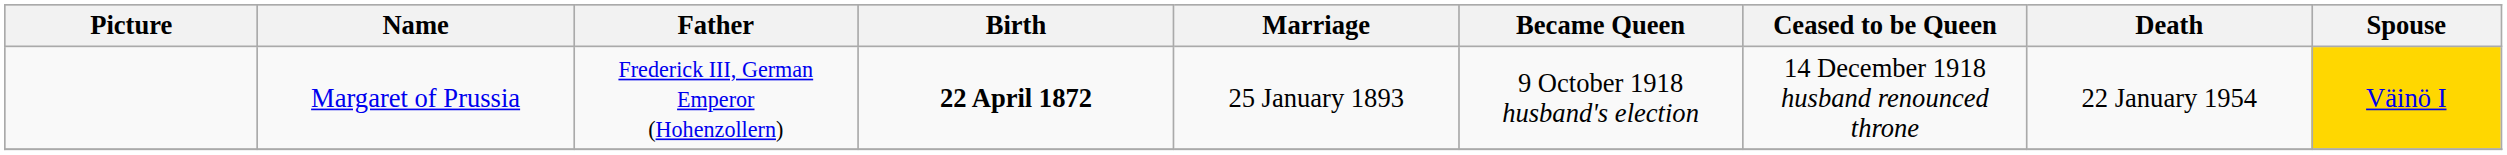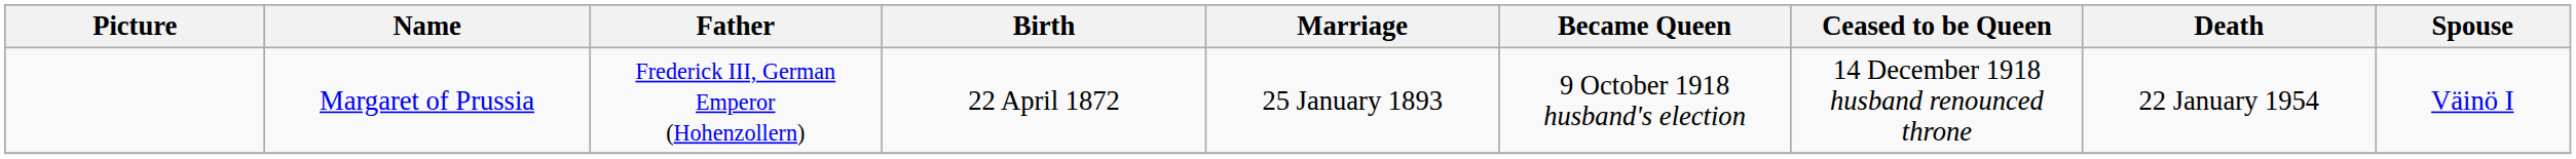 <table width=95% class="wikitable">
 <tr>
 <th width = "8%">Picture</th>
 <th width = "10%">Name</th>
 <th width = "9%">Father</th>
 <th width = "10%">Birth</th>
 <th width = "9%">Marriage</th>
 <th width = "9%">Became Queen</th>
 <th width = "9%">Ceased to be Queen</th>
 <th width = "9%">Death</th>
 <th width = "6%">Spouse</th>
 </tr>
 <tr>
 <td align="center"></td>
 <td align="center"><a href='#'>Margaret of Prussia</a></td>
 <td align="center"><small><a href='#'>Frederick III, German Emperor</a><br>(<a href='#'>Hohenzollern</a>)</small></td>
-<td align="center"><strong>22 April 1872</strong></td>
+<td align="center">22 April 1872</td>
 <td align="center">25 January 1893</td>
 <td align="center">9 October 1918<br><em>husband's election</em></td>
 <td align="center">14 December 1918<br><em>husband renounced throne</em></td>
 <td align="center">22 January 1954</td>
-<td align="center" style="background: gold;"><a href='#'>Väinö I</a></td>
+<td align="center"><a href='#'>Väinö I</a></td>
 </tr>
 <tr>
 </tr>
 </table>
